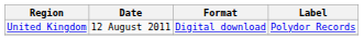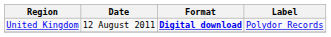 <table class=wikitable>
 <tr>
 <th>Region</th>
 <th>Date</th>
 <th>Format</th>
 <th>Label</th>
 </tr>
 <tr>
 <td><a href='#'>United Kingdom</a></td>
 <td>12 August 2011</td>
-<td><a href='#'>Digital download</a></td>
+<td><strong><a href='#'>Digital download</a></strong></td>
 <td><a href='#'>Polydor Records</a></td>
 </tr>
 <tr>
 </tr>
 </table>
